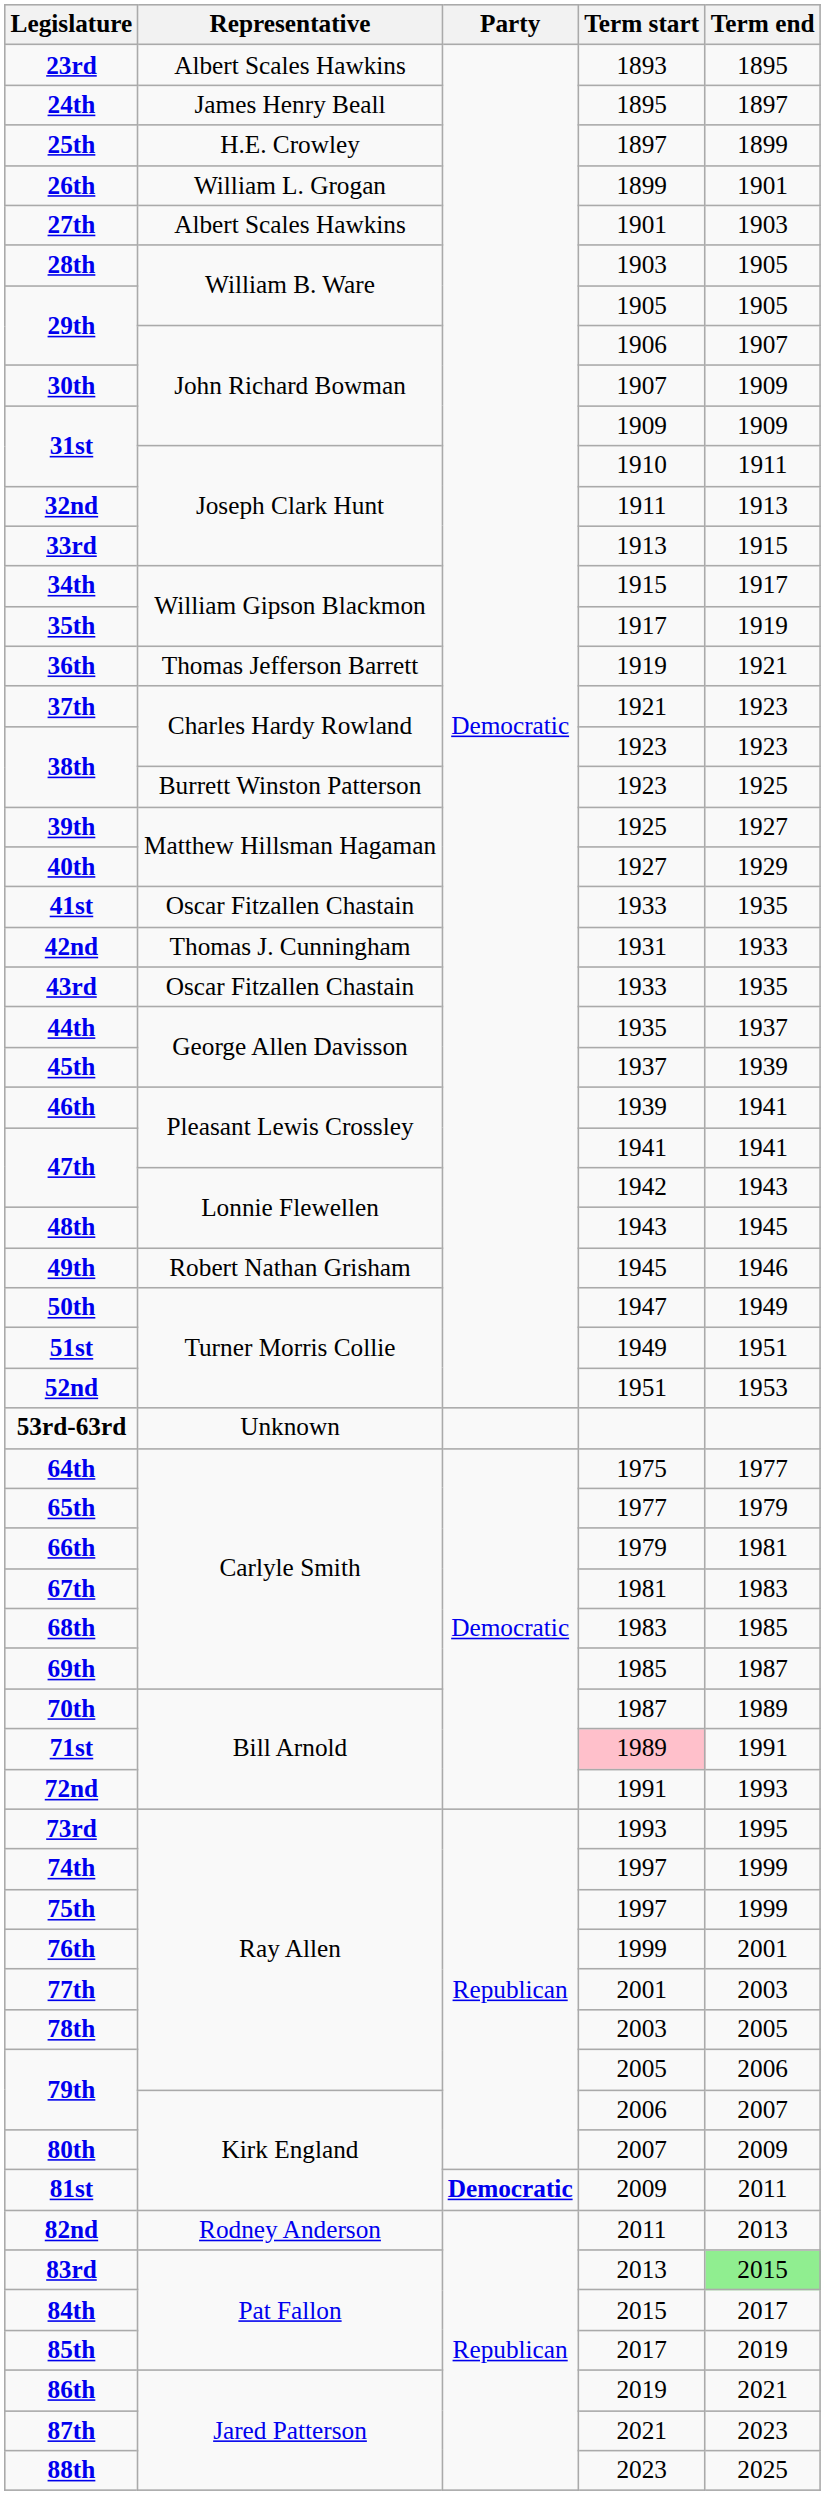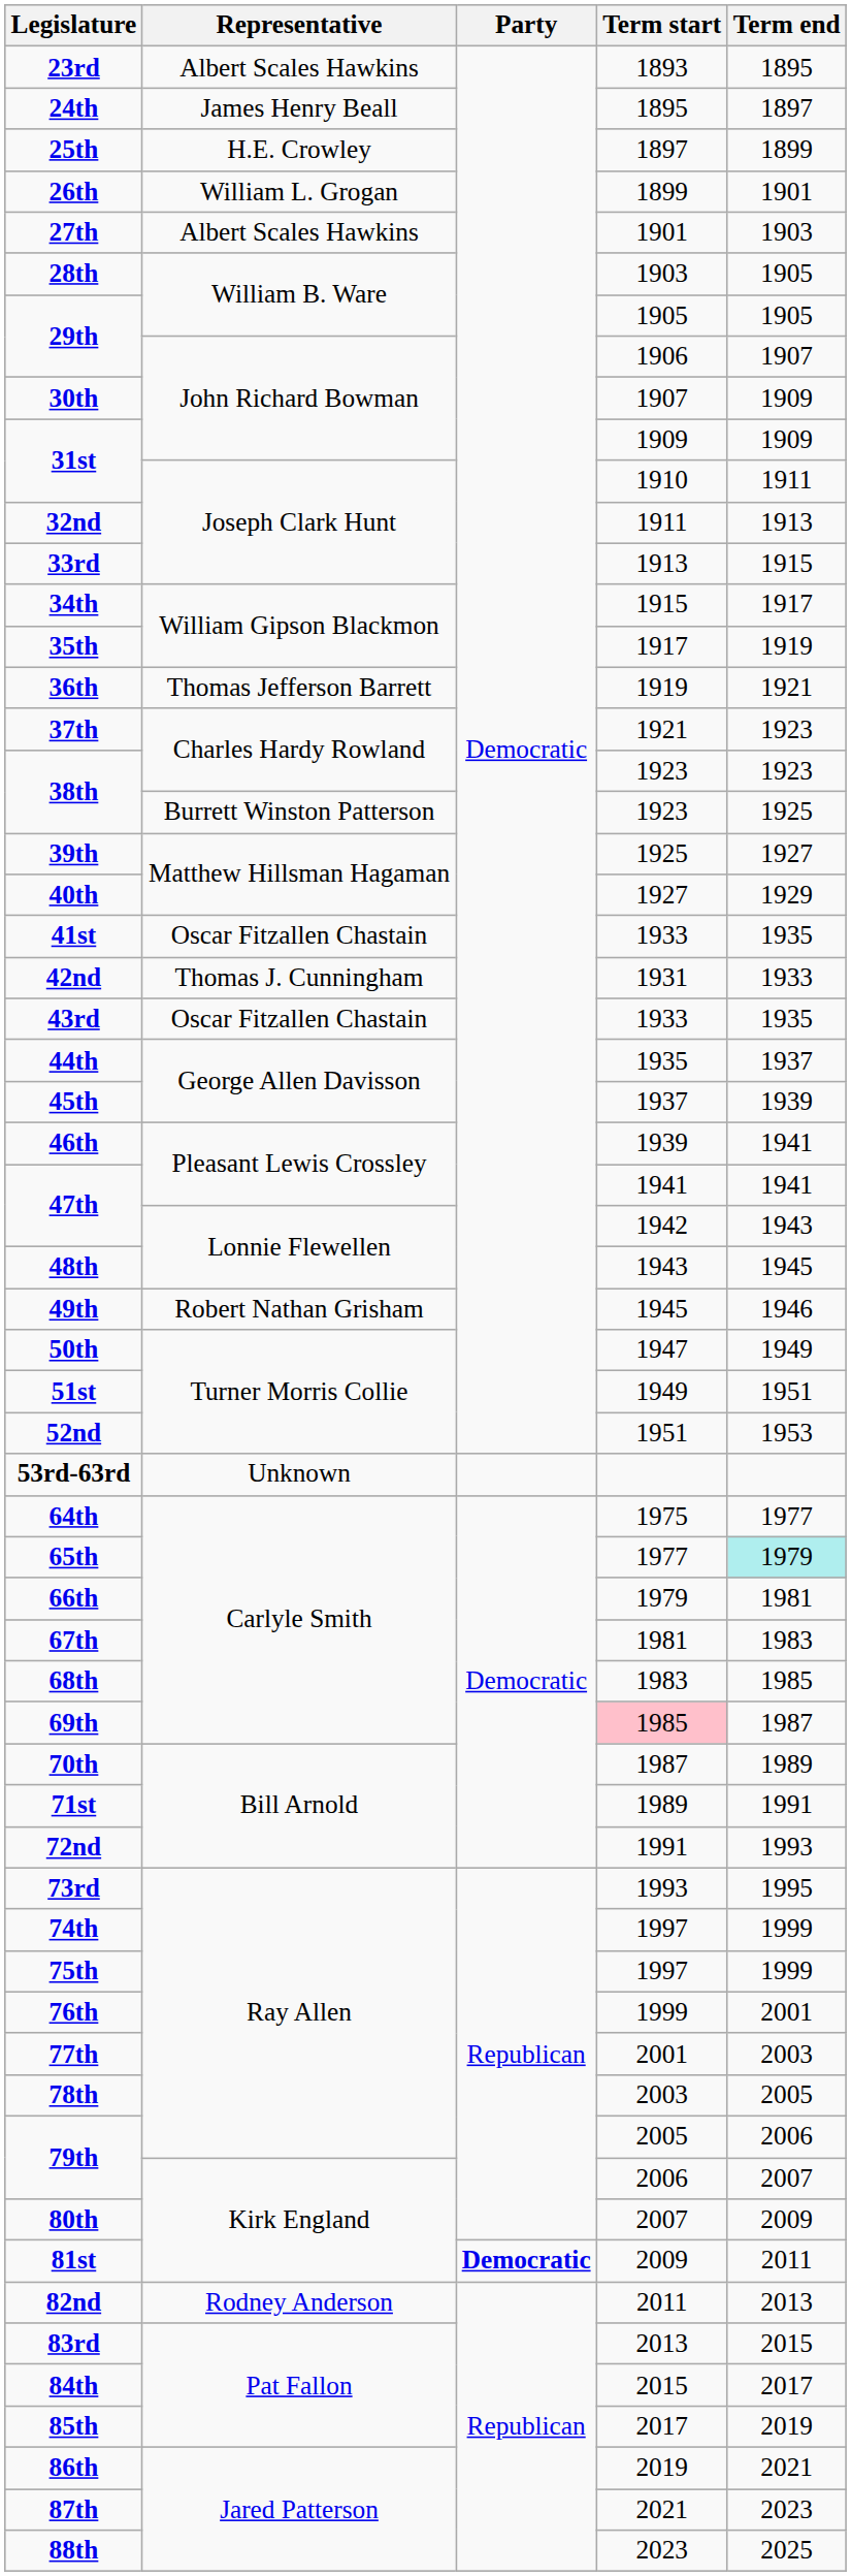 <table class="wikitable" style="text-align:center">
 <tr>
 <th>Legislature</th>
 <th>Representative</th>
 <th>Party</th>
 <th>Term start</th>
 <th>Term end</th>
 </tr>
 <tr>
 <td><a href='#'><strong>23rd</strong></a></td>
 <td>Albert Scales Hawkins</td>
 <td rowspan="34" ><a href='#'>Democratic</a></td>
 <td>1893</td>
 <td>1895</td>
 </tr>
 <tr>
 <td><a href='#'><strong>24th</strong></a></td>
 <td>James Henry Beall</td>
 <td>1895</td>
 <td>1897</td>
 </tr>
 <tr>
 <td><a href='#'><strong>25th</strong></a></td>
 <td>H.E. Crowley</td>
 <td>1897</td>
 <td>1899</td>
 </tr>
 <tr>
 <td><a href='#'><strong>26th</strong></a></td>
 <td>William L. Grogan</td>
 <td>1899</td>
 <td>1901</td>
 </tr>
 <tr>
 <td><a href='#'><strong>27th</strong></a></td>
 <td>Albert Scales Hawkins</td>
 <td>1901</td>
 <td>1903</td>
 </tr>
 <tr>
 <td><a href='#'><strong>28th</strong></a></td>
 <td rowspan="2">William B. Ware</td>
 <td>1903</td>
 <td>1905</td>
 </tr>
 <tr>
 <td rowspan="2"><a href='#'><strong>29th</strong></a></td>
 <td>1905</td>
 <td>1905</td>
 </tr>
 <tr>
 <td rowspan="3">John Richard Bowman</td>
 <td>1906</td>
 <td>1907</td>
 </tr>
 <tr>
 <td><a href='#'><strong>30th</strong></a></td>
 <td>1907</td>
 <td>1909</td>
 </tr>
 <tr>
 <td rowspan="2"><a href='#'><strong>31st</strong></a></td>
 <td>1909</td>
 <td>1909</td>
 </tr>
 <tr>
 <td rowspan="3">Joseph Clark Hunt</td>
 <td>1910</td>
 <td>1911</td>
 </tr>
 <tr>
 <td><a href='#'><strong>32nd</strong></a></td>
 <td>1911</td>
 <td>1913</td>
 </tr>
 <tr>
 <td><a href='#'><strong>33rd</strong></a></td>
 <td>1913</td>
 <td>1915</td>
 </tr>
 <tr>
 <td><a href='#'><strong>34th</strong></a></td>
 <td rowspan="2">William Gipson Blackmon</td>
 <td>1915</td>
 <td>1917</td>
 </tr>
 <tr>
 <td><a href='#'><strong>35th</strong></a></td>
 <td>1917</td>
 <td>1919</td>
 </tr>
 <tr>
 <td><a href='#'><strong>36th</strong></a></td>
 <td>Thomas Jefferson Barrett</td>
 <td>1919</td>
 <td>1921</td>
 </tr>
 <tr>
 <td><a href='#'><strong>37th</strong></a></td>
 <td rowspan="2">Charles Hardy Rowland</td>
 <td>1921</td>
 <td>1923</td>
 </tr>
 <tr>
 <td rowspan="2"><a href='#'><strong>38th</strong></a></td>
 <td>1923</td>
 <td>1923</td>
 </tr>
 <tr>
 <td>Burrett Winston Patterson</td>
 <td>1923</td>
 <td>1925</td>
 </tr>
 <tr>
 <td><a href='#'><strong>39th</strong></a></td>
 <td rowspan="2">Matthew Hillsman Hagaman</td>
 <td>1925</td>
 <td>1927</td>
 </tr>
 <tr>
 <td><a href='#'><strong>40th</strong></a></td>
 <td>1927</td>
 <td>1929</td>
 </tr>
 <tr>
 <td><a href='#'><strong>41st</strong></a></td>
 <td>Oscar Fitzallen Chastain</td>
 <td>1933</td>
 <td>1935</td>
 </tr>
 <tr>
 <td><a href='#'><strong>42nd</strong></a></td>
 <td>Thomas J. Cunningham</td>
 <td>1931</td>
 <td>1933</td>
 </tr>
 <tr>
 <td><a href='#'><strong>43rd</strong></a></td>
 <td>Oscar Fitzallen Chastain</td>
 <td>1933</td>
 <td>1935</td>
 </tr>
 <tr>
 <td><a href='#'><strong>44th</strong></a></td>
 <td rowspan="2">George Allen Davisson</td>
 <td>1935</td>
 <td>1937</td>
 </tr>
 <tr>
 <td><a href='#'><strong>45th</strong></a></td>
 <td>1937</td>
 <td>1939</td>
 </tr>
 <tr>
 <td><a href='#'><strong>46th</strong></a></td>
 <td rowspan="2">Pleasant Lewis Crossley</td>
 <td>1939</td>
 <td>1941</td>
 </tr>
 <tr>
 <td rowspan="2"><a href='#'><strong>47th</strong></a></td>
 <td>1941</td>
 <td>1941</td>
 </tr>
 <tr>
 <td rowspan="2">Lonnie Flewellen</td>
 <td>1942</td>
 <td>1943</td>
 </tr>
 <tr>
 <td><a href='#'><strong>48th</strong></a></td>
 <td>1943</td>
 <td>1945</td>
 </tr>
 <tr>
 <td><a href='#'><strong>49th</strong></a></td>
 <td>Robert Nathan Grisham</td>
 <td>1945</td>
 <td>1946</td>
 </tr>
 <tr>
 <td><a href='#'><strong>50th</strong></a></td>
 <td rowspan="3">Turner Morris Collie</td>
 <td>1947</td>
 <td>1949</td>
 </tr>
 <tr>
 <td><a href='#'><strong>51st</strong></a></td>
 <td>1949</td>
 <td>1951</td>
 </tr>
 <tr>
 <td><a href='#'><strong>52nd</strong></a></td>
 <td>1951</td>
 <td>1953</td>
 </tr>
 <tr>
 <td><strong>53rd-63rd</strong></td>
 <td>Unknown</td>
 <td></td>
 <td></td>
 <td></td>
 </tr>
 <tr>
 <td><a href='#'><strong>64th</strong></a></td>
 <td rowspan="6">Carlyle Smith</td>
 <td rowspan="9" ><a href='#'>Democratic</a></td>
 <td>1975</td>
 <td>1977</td>
 </tr>
 <tr>
 <td><a href='#'><strong>65th</strong></a></td>
 <td>1977</td>
-<td>1979</td>
+<td style="background: paleturquoise;">1979</td>
 </tr>
 <tr>
 <td><a href='#'><strong>66th</strong></a></td>
 <td>1979</td>
 <td>1981</td>
 </tr>
 <tr>
 <td><a href='#'><strong>67th</strong></a></td>
 <td>1981</td>
 <td>1983</td>
 </tr>
 <tr>
 <td><a href='#'><strong>68th</strong></a></td>
 <td>1983</td>
 <td>1985</td>
 </tr>
 <tr>
 <td><a href='#'><strong>69th</strong></a></td>
-<td>1985</td>
+<td style="background: pink;">1985</td>
 <td>1987</td>
 </tr>
 <tr>
 <td><a href='#'><strong>70th</strong></a></td>
 <td rowspan="3">Bill Arnold</td>
 <td>1987</td>
 <td>1989</td>
 </tr>
 <tr>
 <td><a href='#'><strong>71st</strong></a></td>
-<td style="background: pink;">1989</td>
+<td>1989</td>
 <td>1991</td>
 </tr>
 <tr>
 <td><a href='#'><strong>72nd</strong></a></td>
 <td>1991</td>
 <td>1993</td>
 </tr>
 <tr>
 <td><a href='#'><strong>73rd</strong></a></td>
 <td rowspan="7">Ray Allen</td>
 <td rowspan="9" ><a href='#'>Republican</a></td>
 <td>1993</td>
 <td>1995</td>
 </tr>
 <tr>
 <td><a href='#'><strong>74th</strong></a></td>
 <td>1997</td>
 <td>1999</td>
 </tr>
 <tr>
 <td><a href='#'><strong>75th</strong></a></td>
 <td>1997</td>
 <td>1999</td>
 </tr>
 <tr>
 <td><a href='#'><strong>76th</strong></a></td>
 <td>1999</td>
 <td>2001</td>
 </tr>
 <tr>
 <td><a href='#'><strong>77th</strong></a></td>
 <td>2001</td>
 <td>2003</td>
 </tr>
 <tr>
 <td><a href='#'><strong>78th</strong></a></td>
 <td>2003</td>
 <td>2005</td>
 </tr>
 <tr>
 <td rowspan="2"><a href='#'><strong>79th</strong></a></td>
 <td>2005</td>
 <td>2006</td>
 </tr>
 <tr>
 <td rowspan="3">Kirk England</td>
 <td>2006</td>
 <td>2007</td>
 </tr>
 <tr>
 <td><a href='#'><strong>80th</strong></a></td>
 <td>2007</td>
 <td>2009</td>
 </tr>
 <tr>
 <td><a href='#'><strong>81st</strong></a></td>
 <td><strong><a href='#'>Democratic</a></strong></td>
 <td>2009</td>
 <td>2011</td>
 </tr>
 <tr>
 <td><a href='#'><strong>82nd</strong></a></td>
 <td><a href='#'>Rodney Anderson</a></td>
 <td rowspan="7" ><a href='#'>Republican</a></td>
 <td>2011</td>
 <td>2013</td>
 </tr>
 <tr>
 <td><a href='#'><strong>83rd</strong></a></td>
 <td rowspan="3"><a href='#'>Pat Fallon</a></td>
 <td>2013</td>
-<td style="background: lightgreen;">2015</td>
+<td>2015</td>
 </tr>
 <tr>
 <td><a href='#'><strong>84th</strong></a></td>
 <td>2015</td>
 <td>2017</td>
 </tr>
 <tr>
 <td><a href='#'><strong>85th</strong></a></td>
 <td>2017</td>
 <td>2019</td>
 </tr>
 <tr>
 <td><a href='#'><strong>86th</strong></a></td>
 <td rowspan="3"><a href='#'>Jared Patterson</a></td>
 <td>2019</td>
 <td>2021</td>
 </tr>
 <tr>
 <td><a href='#'><strong>87th</strong></a></td>
 <td>2021</td>
 <td>2023</td>
 </tr>
 <tr>
 <td><a href='#'><strong>88th</strong></a></td>
 <td>2023</td>
 <td>2025</td>
 </tr>
 </table>
